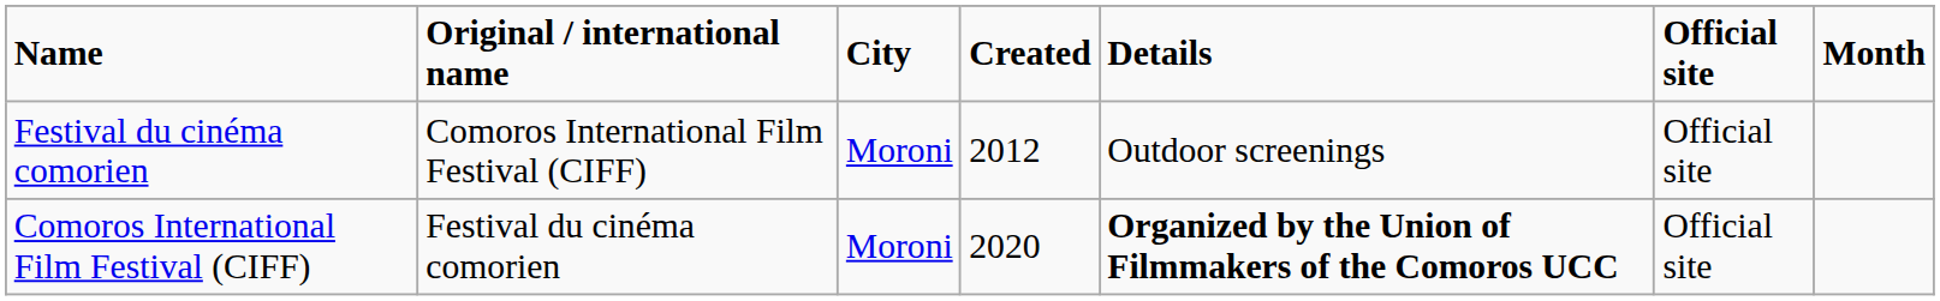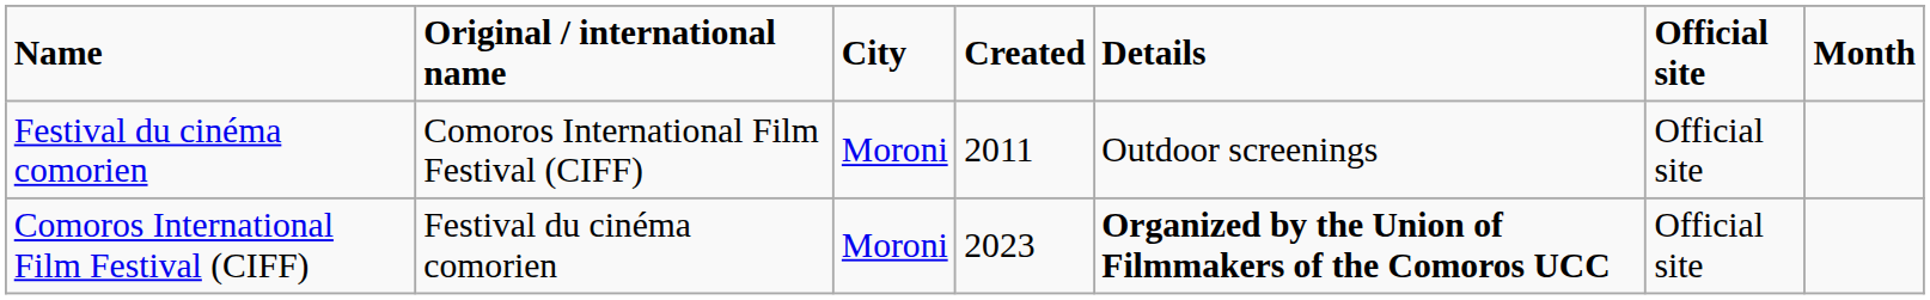 <table class="wikitable">
 <tr>
 <td><strong>Name</strong></td>
 <td><strong>Original / international name</strong></td>
 <td><strong>City</strong></td>
 <td><strong>Created</strong></td>
 <td><strong>Details</strong></td>
 <td><strong>Official site</strong></td>
 <td><strong>Month</strong></td>
 </tr>
 <tr>
 <td><a href='#'>Festival du cinéma comorien</a></td>
 <td>Comoros International Film Festival (CIFF)</td>
 <td><a href='#'>Moroni</a></td>
-<td>2012</td>
+<td>2011</td>
 <td>Outdoor screenings</td>
 <td>Official site</td>
 <td></td>
 </tr>
 <tr>
 <td><a href='#'>Comoros International Film Festival</a> (CIFF)</td>
 <td>Festival du cinéma comorien</td>
 <td><a href='#'>Moroni</a></td>
-<td>2020</td>
+<td>2023</td>
 <td><strong>Organized by the Union of Filmmakers of the Comoros UCC</strong></td>
 <td>Official site</td>
 <td></td>
 </tr>
 </table>
